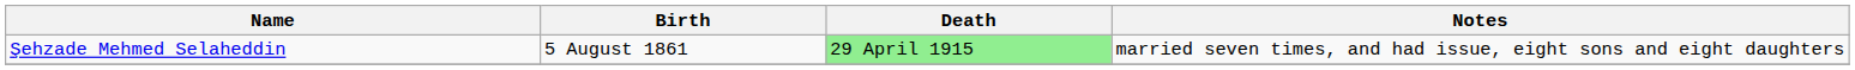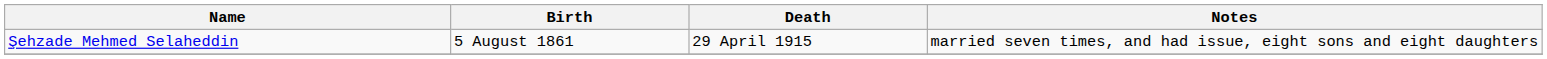 <table class="wikitable">
 <tr>
 <th>Name</th>
 <th>Birth</th>
 <th>Death</th>
 <th style="width:40%;">Notes</th>
 </tr>
 <tr>
 <td><a href='#'>Şehzade Mehmed Selaheddin</a></td>
 <td>5 August 1861</td>
-<td style="background: lightgreen;">29 April 1915</td>
+<td>29 April 1915</td>
 <td>married seven times, and had issue, eight sons and eight daughters</td>
 </tr>
 <tr>
 </tr>
 </table>
